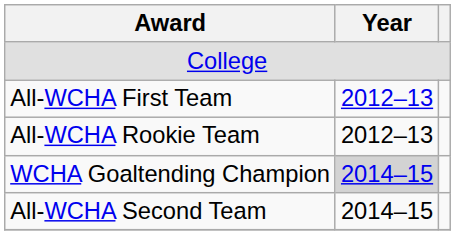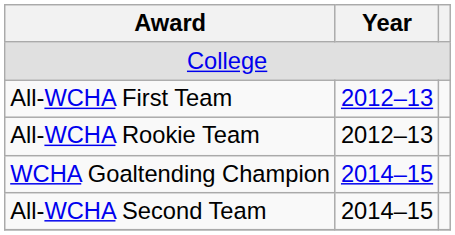 <table class="wikitable">
 <tr>
 <th>Award</th>
 <th>Year</th>
 <th></th>
 </tr>
 <tr ALIGN="center" bgcolor="#e0e0e0">
 <td colspan="3"><a href='#'>College</a></td>
 </tr>
 <tr>
 <td>All-<a href='#'>WCHA</a> First Team</td>
 <td><a href='#'>2012–13</a></td>
 <td></td>
 </tr>
 <tr>
 <td>All-<a href='#'>WCHA</a> Rookie Team</td>
 <td>2012–13</td>
 <td></td>
 </tr>
 <tr>
 <td><a href='#'>WCHA</a> Goaltending Champion</td>
-<td style="background: lightgrey;"><a href='#'>2014–15</a></td>
+<td><a href='#'>2014–15</a></td>
 <td></td>
 </tr>
 <tr>
 <td>All-<a href='#'>WCHA</a> Second Team</td>
 <td>2014–15</td>
 <td></td>
 </tr>
 <tr>
 </tr>
 </table>
